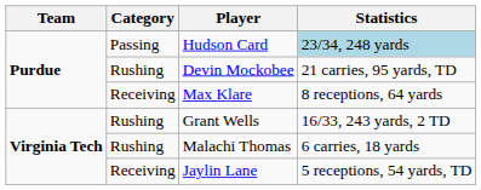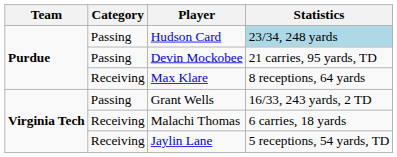 <table class="wikitable" style="float: right;">
 <tr>
 <th>Team</th>
 <th>Category</th>
 <th>Player</th>
 <th>Statistics</th>
 </tr>
 <tr>
 <td rowspan=3><strong>Purdue</strong></td>
 <td>Passing</td>
 <td><a href='#'>Hudson Card</a></td>
 <td style="background: lightblue;">23/34, 248 yards</td>
 </tr>
 <tr>
-<td>Rushing</td>
+<td>Passing</td>
 <td><a href='#'>Devin Mockobee</a></td>
 <td>21 carries, 95 yards, TD</td>
 </tr>
 <tr>
 <td>Receiving</td>
 <td><a href='#'>Max Klare</a></td>
 <td>8 receptions, 64 yards</td>
 </tr>
 <tr>
 <td rowspan=3><strong>Virginia Tech</strong></td>
-<td>Rushing</td>
+<td>Passing</td>
 <td>Grant Wells</td>
 <td>16/33, 243 yards, 2 TD</td>
 </tr>
 <tr>
-<td>Rushing</td>
+<td>Receiving</td>
 <td>Malachi Thomas</td>
 <td>6 carries, 18 yards</td>
 </tr>
 <tr>
 <td>Receiving</td>
 <td><a href='#'>Jaylin Lane</a></td>
 <td>5 receptions, 54 yards, TD</td>
 </tr>
 </table>
